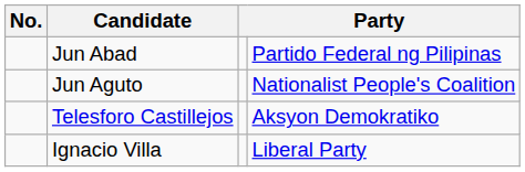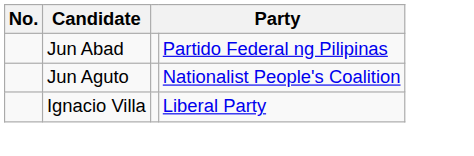 <table class="wikitable sortable" style="text-align:left;">
 <tr>
 <th>No.</th>
 <th>Candidate</th>
 <th colspan="2">Party</th>
 </tr>
 <tr>
 <td></td>
 <td>Jun Abad</td>
 <td></td>
 <td><a href='#'>Partido Federal ng Pilipinas</a></td>
 </tr>
 <tr>
 <td></td>
 <td>Jun Aguto</td>
 <td></td>
 <td><a href='#'>Nationalist People's Coalition</a></td>
 </tr>
 <tr>
 <td></td>
-<td><a href='#'>Telesforo Castillejos</a></td>
-<td></td>
-<td><a href='#'>Aksyon Demokratiko</a></td>
-</tr>
-<tr>
-<td></td>
 <td>Ignacio Villa</td>
 <td></td>
 <td><a href='#'>Liberal Party</a></td>
 </tr>
 </table>
